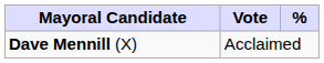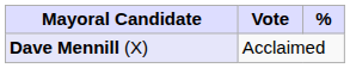 <table class="wikitable">
 <tr>
 <th style="background:#ddf; width:200px;">Mayoral Candidate</th>
 <th style="background:#ddf; width:50px;">Vote</th>
 <th style="background:#ddf; width:30px;">%</th>
 </tr>
 <tr>
-<td><strong>Dave Mennill</strong> (X)</td>
+<td style="background: lavender;"><strong>Dave Mennill</strong> (X)</td>
 <td colspan="2">Acclaimed</td>
 </tr>
 </table>
